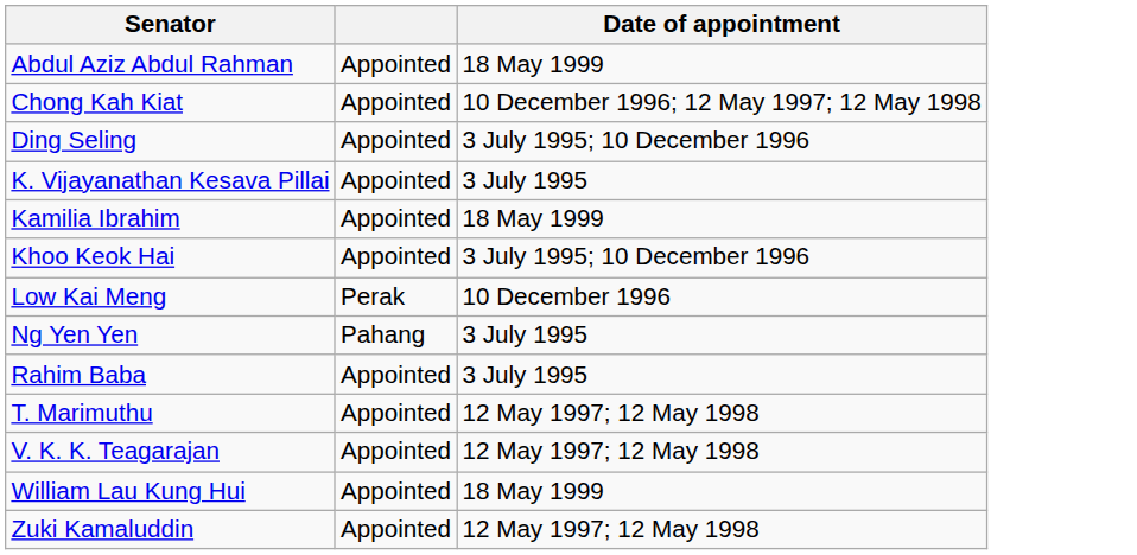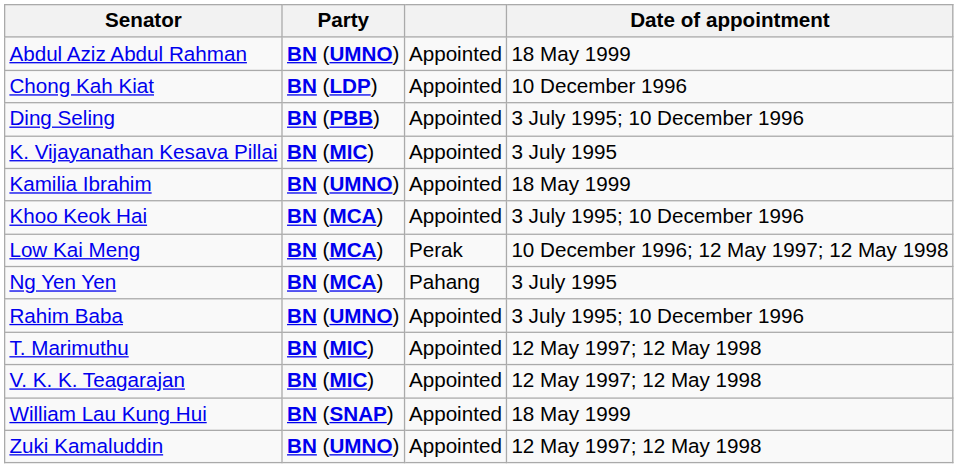 <table class="wikitable sortable">
 <tr>
 <th>Senator</th>
+<th>Party</th>
 <th></th>
 <th>Date of appointment</th>
 </tr>
 <tr>
 <td><a href='#'>Abdul Aziz Abdul Rahman</a></td>
+<td><strong><a href='#'>BN</a></strong> (<strong><a href='#'>UMNO</a></strong>)</td>
 <td>Appointed</td>
 <td>18 May 1999</td>
 </tr>
 <tr>
 <td><a href='#'>Chong Kah Kiat</a></td>
+<td><strong><a href='#'>BN</a></strong> (<strong><a href='#'>LDP</a></strong>)</td>
 <td>Appointed</td>
-<td>10 December 1996; 12 May 1997; 12 May 1998</td>
+<td>10 December 1996</td>
 </tr>
 <tr>
 <td><a href='#'>Ding Seling</a></td>
+<td><strong><a href='#'>BN</a></strong> (<strong><a href='#'>PBB</a></strong>)</td>
 <td>Appointed</td>
 <td>3 July 1995; 10 December 1996</td>
 </tr>
 <tr>
 <td><a href='#'>K. Vijayanathan Kesava Pillai</a></td>
+<td><strong><a href='#'>BN</a></strong> (<strong><a href='#'>MIC</a></strong>)</td>
 <td>Appointed</td>
 <td>3 July 1995</td>
 </tr>
 <tr>
 <td><a href='#'>Kamilia Ibrahim</a></td>
+<td><strong><a href='#'>BN</a></strong> (<strong><a href='#'>UMNO</a></strong>)</td>
 <td>Appointed</td>
 <td>18 May 1999</td>
 </tr>
 <tr>
 <td><a href='#'>Khoo Keok Hai</a></td>
+<td><strong><a href='#'>BN</a></strong> (<strong><a href='#'>MCA</a></strong>)</td>
 <td>Appointed</td>
 <td>3 July 1995; 10 December 1996</td>
 </tr>
 <tr>
 <td><a href='#'>Low Kai Meng</a></td>
+<td><strong><a href='#'>BN</a></strong> (<strong><a href='#'>MCA</a></strong>)</td>
 <td>Perak</td>
-<td>10 December 1996</td>
+<td>10 December 1996; 12 May 1997; 12 May 1998</td>
 </tr>
 <tr>
 <td><a href='#'>Ng Yen Yen</a></td>
+<td><strong><a href='#'>BN</a></strong> (<strong><a href='#'>MCA</a></strong>)</td>
 <td>Pahang</td>
 <td>3 July 1995</td>
 </tr>
 <tr>
 <td><a href='#'>Rahim Baba</a></td>
+<td><strong><a href='#'>BN</a></strong> (<strong><a href='#'>UMNO</a></strong>)</td>
 <td>Appointed</td>
-<td>3 July 1995</td>
+<td>3 July 1995; 10 December 1996</td>
 </tr>
 <tr>
 <td><a href='#'>T. Marimuthu</a></td>
+<td><strong><a href='#'>BN</a></strong> (<strong><a href='#'>MIC</a></strong>)</td>
 <td>Appointed</td>
 <td>12 May 1997; 12 May 1998</td>
 </tr>
 <tr>
 <td><a href='#'>V. K. K. Teagarajan</a></td>
+<td><strong><a href='#'>BN</a></strong> (<strong><a href='#'>MIC</a></strong>)</td>
 <td>Appointed</td>
 <td>12 May 1997; 12 May 1998</td>
 </tr>
 <tr>
 <td><a href='#'>William Lau Kung Hui</a></td>
+<td><strong><a href='#'>BN</a></strong> (<strong><a href='#'>SNAP</a></strong>)</td>
 <td>Appointed</td>
 <td>18 May 1999</td>
 </tr>
 <tr>
 <td><a href='#'>Zuki Kamaluddin</a></td>
+<td><strong><a href='#'>BN</a></strong> (<strong><a href='#'>UMNO</a></strong>)</td>
 <td>Appointed</td>
 <td>12 May 1997; 12 May 1998</td>
 </tr>
 </table>
